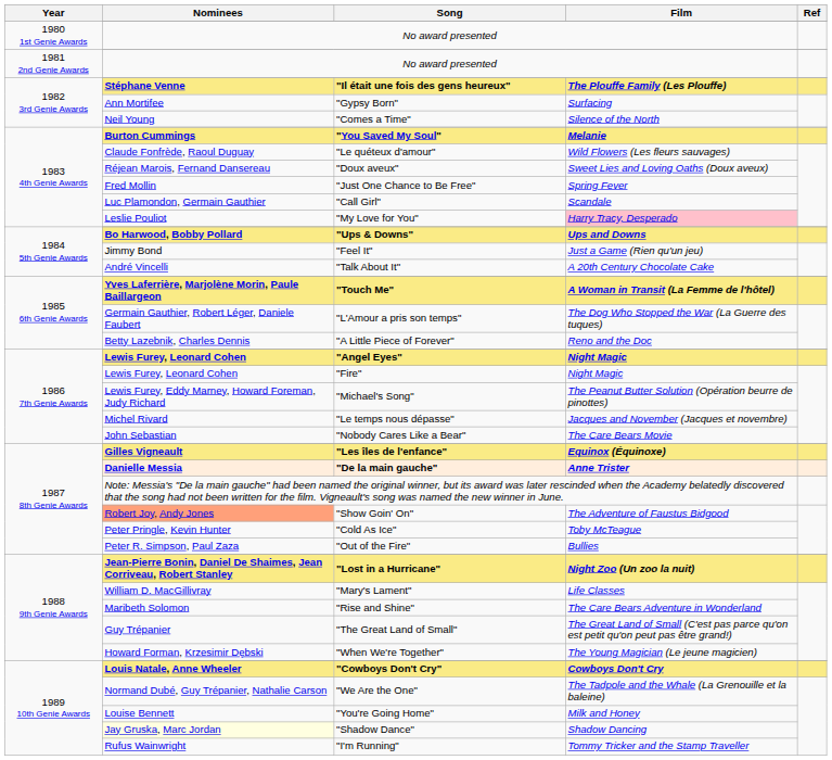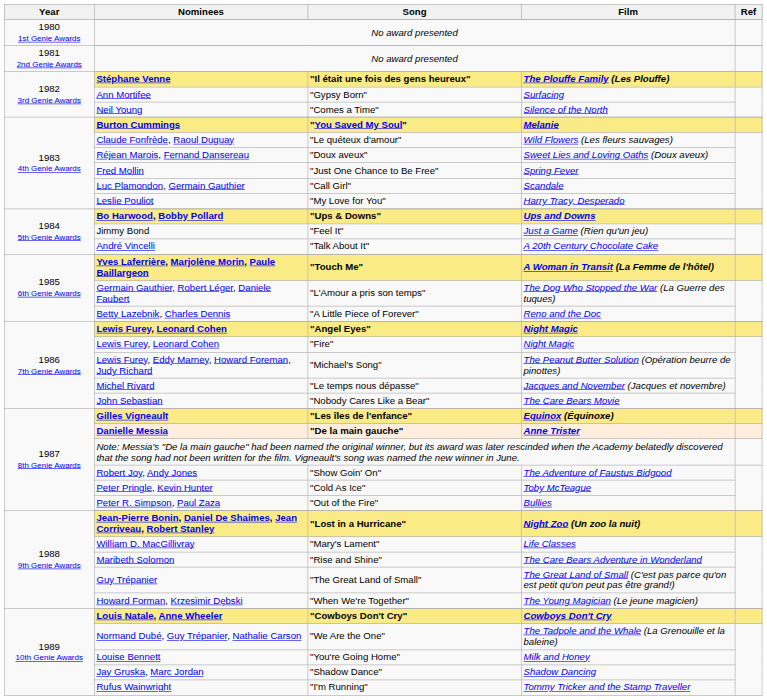 <table class="wikitable" style="width:100%;">
 <tr style="background:#bebebe;">
 <th style="width:8%;">Year</th>
 <th style="width:19%;">Nominees</th>
 <th style="width:19%;">Song</th>
 <th style="width:19%;">Film</th>
 <th style="width:2%;">Ref</th>
 </tr>
 <tr>
 <td rowspan="2" align="center">1980 <br> <small><a href='#'>1st Genie Awards</a></small></td>
 </tr>
 <tr>
 <td colspan=3 align=center><em>No award presented</em></td>
 <td></td>
 </tr>
 <tr>
 <td rowspan="2" align="center">1981 <br> <small><a href='#'>2nd Genie Awards</a></small></td>
 </tr>
 <tr>
 <td colspan=3 align=center><em>No award presented</em></td>
 <td></td>
 </tr>
 <tr>
 <td rowspan="4" align="center">1982 <br> <small><a href='#'>3rd Genie Awards</a></small></td>
 </tr>
 <tr style="background:#FAEB86;">
 <td><strong><a href='#'>Stéphane Venne</a></strong></td>
 <td><strong>"Il était une fois des gens heureux"</strong></td>
 <td><strong><em><a href='#'>The Plouffe Family</a> (Les Plouffe)</em></strong></td>
 <td></td>
 </tr>
 <tr>
 <td><a href='#'>Ann Mortifee</a></td>
 <td>"Gypsy Born"</td>
 <td><em><a href='#'>Surfacing</a></em></td>
 <td rowspan=2></td>
 </tr>
 <tr>
 <td><a href='#'>Neil Young</a></td>
 <td>"Comes a Time"</td>
 <td><em><a href='#'>Silence of the North</a></em></td>
 </tr>
 <tr>
 <td rowspan="7" align="center">1983 <br> <small><a href='#'>4th Genie Awards</a></small></td>
 </tr>
 <tr style="background:#FAEB86;">
 <td><strong><a href='#'>Burton Cummings</a></strong></td>
 <td><strong>"<a href='#'>You Saved My Soul</a>"</strong></td>
 <td><strong><em><a href='#'>Melanie</a></em></strong></td>
 <td></td>
 </tr>
 <tr>
 <td><a href='#'>Claude Fonfrède</a>, <a href='#'>Raoul Duguay</a></td>
 <td>"Le quéteux d'amour"</td>
 <td><em><a href='#'>Wild Flowers</a> (Les fleurs sauvages)</em></td>
 <td rowspan=5></td>
 </tr>
 <tr>
 <td><a href='#'>Réjean Marois</a>, <a href='#'>Fernand Dansereau</a></td>
 <td>"Doux aveux"</td>
 <td><em><a href='#'>Sweet Lies and Loving Oaths</a> (Doux aveux)</em></td>
 </tr>
 <tr>
 <td><a href='#'>Fred Mollin</a></td>
 <td>"Just One Chance to Be Free"</td>
 <td><em><a href='#'>Spring Fever</a></em></td>
 </tr>
 <tr>
 <td><a href='#'>Luc Plamondon</a>, <a href='#'>Germain Gauthier</a></td>
 <td>"Call Girl"</td>
 <td><em><a href='#'>Scandale</a></em></td>
 </tr>
 <tr>
 <td><a href='#'>Leslie Pouliot</a></td>
 <td>"My Love for You"</td>
-<td style="background: pink;"><em><a href='#'>Harry Tracy, Desperado</a></em></td>
+<td><em><a href='#'>Harry Tracy, Desperado</a></em></td>
 </tr>
 <tr>
 <td rowspan="4" align="center">1984 <br> <small><a href='#'>5th Genie Awards</a></small></td>
 </tr>
 <tr style="background:#FAEB86;">
 <td><strong><a href='#'>Bo Harwood</a>, <a href='#'>Bobby Pollard</a></strong></td>
 <td><strong>"Ups & Downs"</strong></td>
 <td><strong><em><a href='#'>Ups and Downs</a></em></strong></td>
 <td></td>
 </tr>
 <tr>
 <td>Jimmy Bond</td>
 <td>"Feel It"</td>
 <td><em><a href='#'>Just a Game</a> (Rien qu'un jeu)</em></td>
 <td rowspan=2></td>
 </tr>
 <tr>
 <td><a href='#'>André Vincelli</a></td>
 <td>"Talk About It"</td>
 <td><em><a href='#'>A 20th Century Chocolate Cake</a></em></td>
 </tr>
 <tr>
 <td rowspan="4" align="center">1985 <br> <small><a href='#'>6th Genie Awards</a></small></td>
 </tr>
 <tr style="background:#FAEB86;">
 <td><strong><a href='#'>Yves Laferrière</a>, <a href='#'>Marjolène Morin</a>, <a href='#'>Paule Baillargeon</a></strong></td>
 <td><strong>"Touch Me"</strong></td>
 <td><strong><em><a href='#'>A Woman in Transit</a> (La Femme de l'hôtel)</em></strong></td>
 <td></td>
 </tr>
 <tr>
 <td><a href='#'>Germain Gauthier</a>, <a href='#'>Robert Léger</a>, <a href='#'>Daniele Faubert</a></td>
 <td>"L'Amour a pris son temps"</td>
 <td><em><a href='#'>The Dog Who Stopped the War</a> (La Guerre des tuques)</em></td>
 <td rowspan=2></td>
 </tr>
 <tr>
 <td><a href='#'>Betty Lazebnik</a>, <a href='#'>Charles Dennis</a></td>
 <td>"A Little Piece of Forever"</td>
 <td><em><a href='#'>Reno and the Doc</a></em></td>
 </tr>
 <tr>
 <td rowspan="6" align="center">1986 <br> <small><a href='#'>7th Genie Awards</a></small></td>
 </tr>
 <tr style="background:#FAEB86;">
 <td><strong><a href='#'>Lewis Furey</a>, <a href='#'>Leonard Cohen</a></strong></td>
 <td><strong>"Angel Eyes"</strong></td>
 <td><strong><em><a href='#'>Night Magic</a></em></strong></td>
 <td></td>
 </tr>
 <tr>
 <td><a href='#'>Lewis Furey</a>, <a href='#'>Leonard Cohen</a></td>
 <td>"Fire"</td>
 <td><em><a href='#'>Night Magic</a></em></td>
 <td rowspan=4></td>
 </tr>
 <tr>
 <td><a href='#'>Lewis Furey</a>, <a href='#'>Eddy Marney</a>, <a href='#'>Howard Foreman</a>, <a href='#'>Judy Richard</a></td>
 <td>"Michael's Song"</td>
 <td><em><a href='#'>The Peanut Butter Solution</a> (Opération beurre de pinottes)</em></td>
 </tr>
 <tr>
 <td><a href='#'>Michel Rivard</a></td>
 <td>"Le temps nous dépasse"</td>
 <td><em><a href='#'>Jacques and November</a> (Jacques et novembre)</em></td>
 </tr>
 <tr>
 <td><a href='#'>John Sebastian</a></td>
 <td>"Nobody Cares Like a Bear"</td>
 <td><em><a href='#'>The Care Bears Movie</a></em></td>
 </tr>
 <tr>
 <td rowspan="7" align="center">1987 <br> <small><a href='#'>8th Genie Awards</a></small></td>
 </tr>
 <tr style="background:#FAEB86;">
 <td><strong><a href='#'>Gilles Vigneault</a></strong></td>
 <td><strong>"Les îles de l'enfance"</strong></td>
 <td><strong><em><a href='#'>Equinox</a> (Équinoxe)</em></strong></td>
 <td></td>
 </tr>
 <tr style="background:#FED">
 <td><strong><a href='#'>Danielle Messia</a></strong></td>
 <td><strong>"De la main gauche"</strong></td>
 <td><strong><em><a href='#'>Anne Trister</a></em></strong></td>
 <td></td>
 </tr>
 <tr>
 <td colspan=3><em>Note: Messia's "De la main gauche" had been named the original winner, but its award was later rescinded when the Academy belatedly discovered that the song had not been written for the film. Vigneault's song was named the new winner in June.</em></td>
 <td></td>
 </tr>
 <tr>
-<td style="background: lightsalmon;"><a href='#'>Robert Joy</a>, <a href='#'>Andy Jones</a></td>
+<td><a href='#'>Robert Joy</a>, <a href='#'>Andy Jones</a></td>
 <td>"Show Goin' On"</td>
 <td><em><a href='#'>The Adventure of Faustus Bidgood</a></em></td>
 <td rowspan=3></td>
 </tr>
 <tr>
 <td><a href='#'>Peter Pringle</a>, <a href='#'>Kevin Hunter</a></td>
 <td>"Cold As Ice"</td>
 <td><em><a href='#'>Toby McTeague</a></em></td>
 </tr>
 <tr>
 <td><a href='#'>Peter R. Simpson</a>, <a href='#'>Paul Zaza</a></td>
 <td>"Out of the Fire"</td>
 <td><em><a href='#'>Bullies</a></em></td>
 </tr>
 <tr>
 <td rowspan="6" align="center">1988 <br> <small><a href='#'>9th Genie Awards</a></small></td>
 </tr>
 <tr style="background:#FAEB86;">
 <td><strong><a href='#'>Jean-Pierre Bonin</a>, <a href='#'>Daniel De Shaimes</a>, <a href='#'>Jean Corriveau</a>, <a href='#'>Robert Stanley</a></strong></td>
 <td><strong>"Lost in a Hurricane"</strong></td>
 <td><strong><em><a href='#'>Night Zoo</a> (Un zoo la nuit)</em></strong></td>
 <td></td>
 </tr>
 <tr>
 <td><a href='#'>William D. MacGillivray</a></td>
 <td>"Mary's Lament"</td>
 <td><em><a href='#'>Life Classes</a></em></td>
 <td rowspan=4></td>
 </tr>
 <tr>
 <td><a href='#'>Maribeth Solomon</a></td>
 <td>"Rise and Shine"</td>
 <td><em><a href='#'>The Care Bears Adventure in Wonderland</a></em></td>
 </tr>
 <tr>
 <td><a href='#'>Guy Trépanier</a></td>
 <td>"The Great Land of Small"</td>
 <td><em><a href='#'>The Great Land of Small</a> (C'est pas parce qu'on est petit qu'on peut pas être grand!)</em></td>
 </tr>
 <tr>
 <td><a href='#'>Howard Forman</a>, <a href='#'>Krzesimir Dębski</a></td>
 <td>"When We're Together"</td>
 <td><em><a href='#'>The Young Magician</a> (Le jeune magicien)</em></td>
 </tr>
 <tr>
 <td rowspan="6" align="center">1989 <br> <small><a href='#'>10th Genie Awards</a></small></td>
 </tr>
 <tr style="background:#FAEB86;">
 <td><strong><a href='#'>Louis Natale</a>, <a href='#'>Anne Wheeler</a></strong></td>
 <td><strong>"Cowboys Don't Cry"</strong></td>
 <td><strong><em><a href='#'>Cowboys Don't Cry</a></em></strong></td>
 <td></td>
 </tr>
 <tr>
 <td><a href='#'>Normand Dubé</a>, <a href='#'>Guy Trépanier</a>, <a href='#'>Nathalie Carson</a></td>
 <td>"We Are the One"</td>
 <td><em><a href='#'>The Tadpole and the Whale</a> (La Grenouille et la baleine)</em></td>
 <td rowspan=4></td>
 </tr>
 <tr>
 <td><a href='#'>Louise Bennett</a></td>
 <td>"You're Going Home"</td>
 <td><em><a href='#'>Milk and Honey</a></em></td>
 </tr>
 <tr>
-<td style="background: lightyellow;"><a href='#'>Jay Gruska</a>, <a href='#'>Marc Jordan</a></td>
+<td><a href='#'>Jay Gruska</a>, <a href='#'>Marc Jordan</a></td>
 <td>"Shadow Dance"</td>
 <td><em><a href='#'>Shadow Dancing</a></em></td>
 </tr>
 <tr>
 <td><a href='#'>Rufus Wainwright</a></td>
 <td>"I'm Running"</td>
 <td><em><a href='#'>Tommy Tricker and the Stamp Traveller</a></em></td>
 </tr>
 </table>
